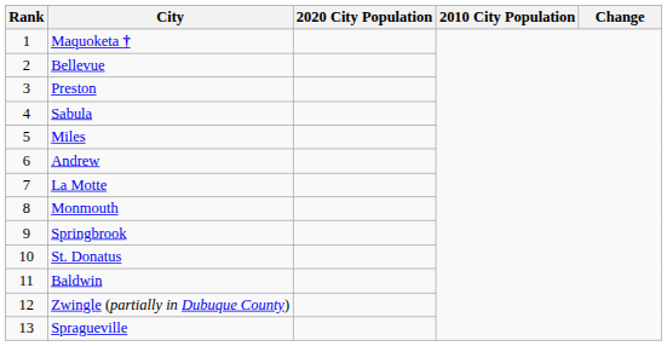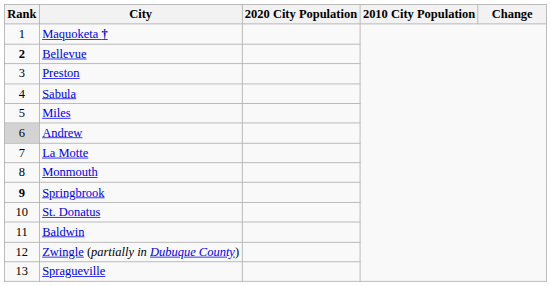 <table class="wikitable sortable">
 <tr>
 <th>Rank</th>
 <th>City</th>
 <th>2020 City Population</th>
 <th>2010 City Population</th>
 <th scope="col" style="width: 5em;">Change</th>
 </tr>
 <tr align=right>
 <td align=center>1</td>
 <td align=left><a href='#'>Maquoketa <strong>†</strong></a></td>
 <td></td>
 </tr>
 <tr align=right>
-<td align=center>2</td>
+<td align=center><strong>2</strong></td>
 <td align=left><a href='#'>Bellevue</a></td>
 <td></td>
 </tr>
 <tr align=right>
 <td align=center>3</td>
 <td align=left><a href='#'>Preston</a></td>
 <td></td>
 </tr>
 <tr align=right>
 <td align=center>4</td>
 <td align=left><a href='#'>Sabula</a></td>
 <td></td>
 </tr>
 <tr align=right>
 <td align=center>5</td>
 <td align=left><a href='#'>Miles</a></td>
 <td></td>
 </tr>
 <tr align=right>
-<td align=center>6</td>
+<td align=center style="background: lightgrey;">6</td>
 <td align=left><a href='#'>Andrew</a></td>
 <td></td>
 </tr>
 <tr align=right>
 <td align=center>7</td>
 <td align=left><a href='#'>La Motte</a></td>
 <td></td>
 </tr>
 <tr align=right>
 <td align=center>8</td>
 <td align=left><a href='#'>Monmouth</a></td>
 <td></td>
 </tr>
 <tr align=right>
-<td align=center>9</td>
+<td align=center><strong>9</strong></td>
 <td align=left><a href='#'>Springbrook</a></td>
 <td></td>
 </tr>
 <tr align=right>
 <td align=center>10</td>
 <td align=left><a href='#'>St. Donatus</a></td>
 <td></td>
 </tr>
 <tr align=right>
 <td align=center>11</td>
 <td align=left><a href='#'>Baldwin</a></td>
 <td></td>
 </tr>
 <tr align=right>
 <td align=center>12</td>
 <td align=left><a href='#'>Zwingle</a> (<em>partially in <a href='#'>Dubuque County</a></em>)</td>
 <td></td>
 </tr>
 <tr align=right>
 <td align=center>13</td>
 <td align=left><a href='#'>Spragueville</a></td>
 <td></td>
 </tr>
 </table>
